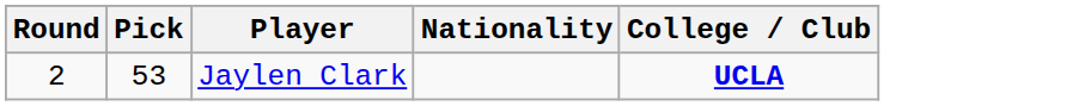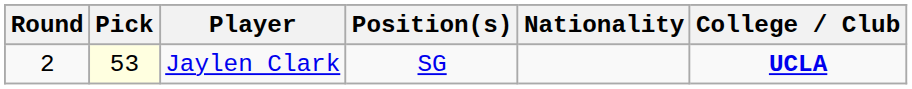 <table class="wikitable sortable sortable">
 <tr>
 <th>Round</th>
 <th>Pick</th>
 <th>Player</th>
+<th>Position(s)</th>
 <th>Nationality</th>
 <th>College / Club</th>
 </tr>
 <tr style="text-align: center">
 <td>2</td>
-<td>53</td>
+<td style="background: lightyellow;">53</td>
 <td><a href='#'>Jaylen Clark</a></td>
+<td><a href='#'>SG</a></td>
 <td></td>
 <td><strong><a href='#'>UCLA</a> </strong></td>
 </tr>
 </table>
